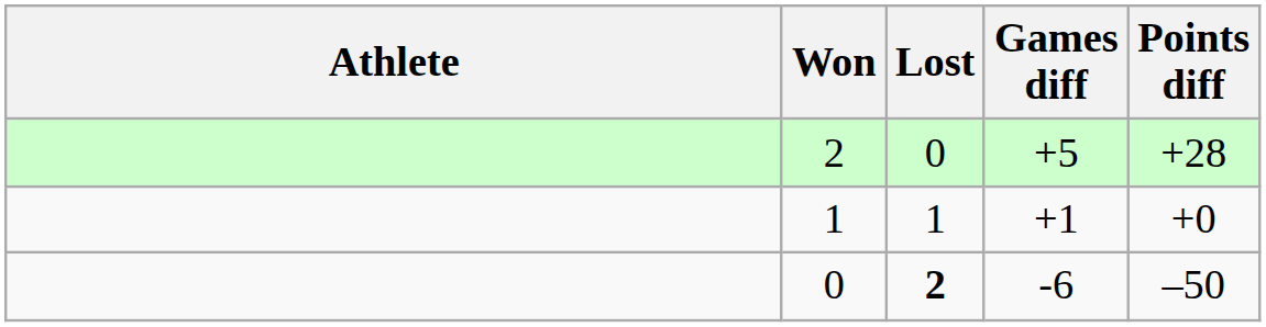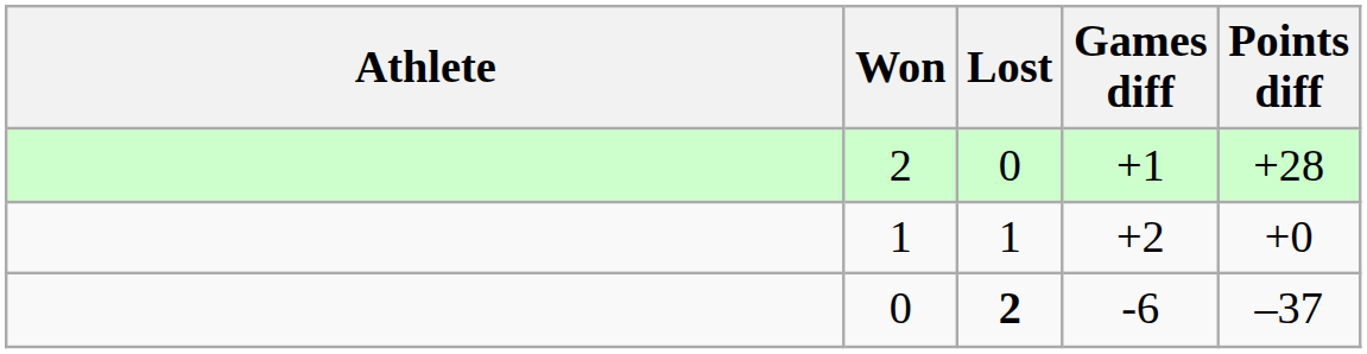 <table class="wikitable">
 <tr>
 <th style="width:18em">Athlete</th>
 <th>Won</th>
 <th>Lost</th>
 <th>Games<br>diff</th>
 <th>Points<br>diff</th>
 </tr>
 <tr bgcolor="#ccffcc">
 <td></td>
 <td align="center">2</td>
 <td align="center">0</td>
-<td align="center">+5</td>
+<td align="center">+1</td>
 <td align="center">+28</td>
 </tr>
 <tr>
 <td></td>
 <td align="center">1</td>
 <td align="center">1</td>
-<td align="center">+1</td>
+<td align="center">+2</td>
 <td align="center">+0</td>
 </tr>
 <tr>
 <td></td>
 <td align="center">0</td>
 <td align="center"><strong>2</strong></td>
 <td align="center">-6</td>
-<td align="center">–50</td>
+<td align="center">–37</td>
 </tr>
 </table>
